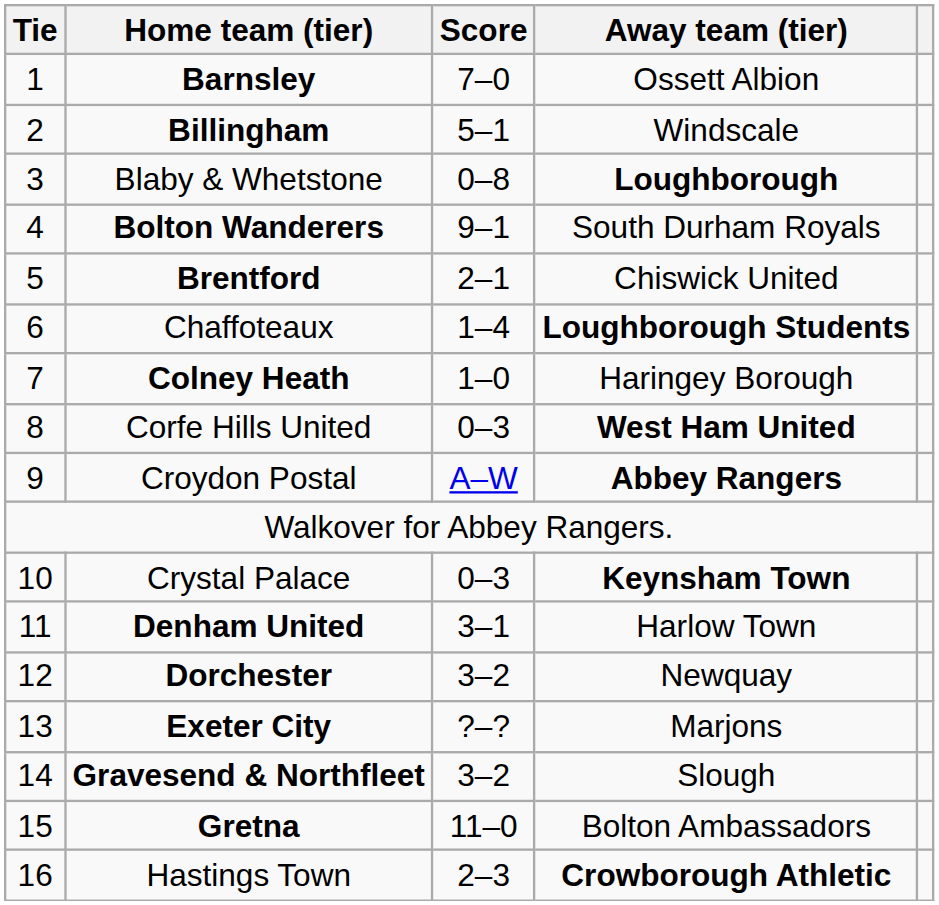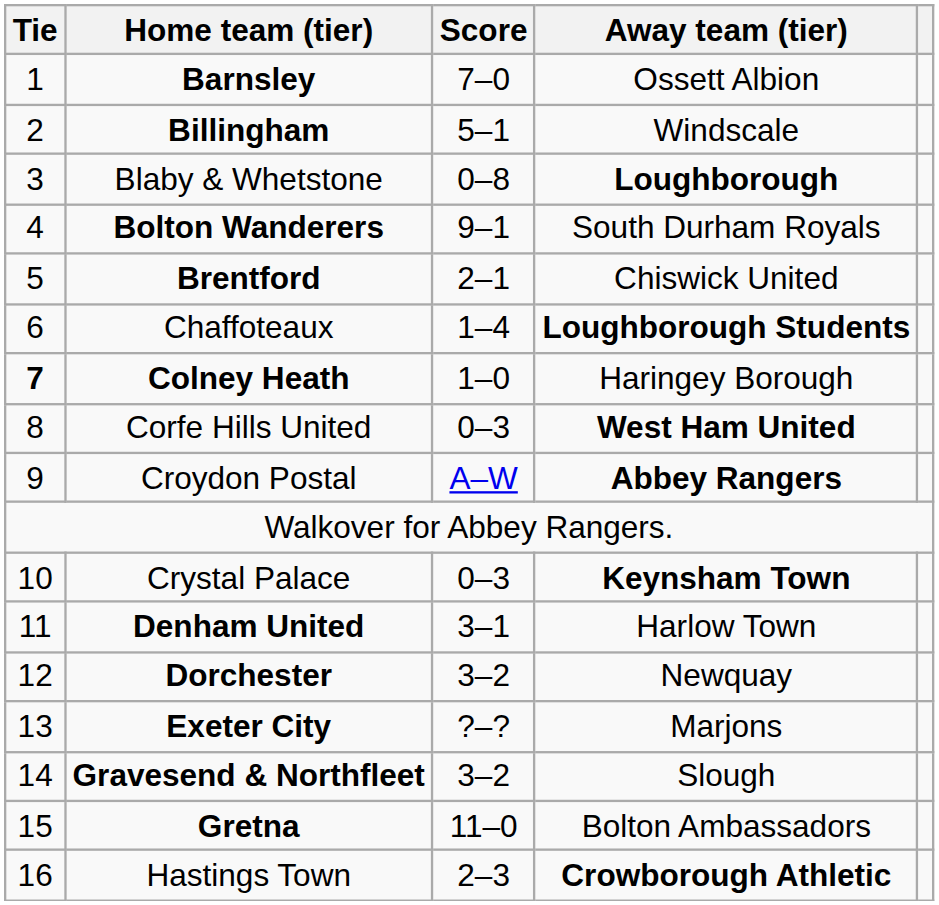 <table class="wikitable" style="text-align:center; font-size:85%">
 <tr>
 <th>Tie</th>
 <th>Home team (tier)</th>
 <th>Score</th>
 <th>Away team (tier)</th>
 <th></th>
 </tr>
 <tr>
 <td align="center">1</td>
 <td><strong>Barnsley</strong></td>
 <td align="center">7–0</td>
 <td>Ossett Albion</td>
 <td></td>
 </tr>
 <tr>
 <td align="center">2</td>
 <td><strong>Billingham</strong></td>
 <td align="center">5–1</td>
 <td>Windscale</td>
 <td></td>
 </tr>
 <tr>
 <td align="center">3</td>
 <td>Blaby & Whetstone</td>
 <td align="center">0–8</td>
 <td><strong>Loughborough</strong></td>
 <td></td>
 </tr>
 <tr>
 <td align="center">4</td>
 <td><strong>Bolton Wanderers</strong></td>
 <td align="center">9–1</td>
 <td>South Durham Royals</td>
 <td></td>
 </tr>
 <tr>
 <td align="center">5</td>
 <td><strong>Brentford</strong></td>
 <td align="center">2–1</td>
 <td>Chiswick United</td>
 <td></td>
 </tr>
 <tr>
 <td align="center">6</td>
 <td>Chaffoteaux</td>
 <td align="center">1–4</td>
 <td><strong>Loughborough Students</strong></td>
 <td></td>
 </tr>
 <tr>
-<td align="center">7</td>
+<td align="center"><strong>7</strong></td>
 <td><strong>Colney Heath</strong></td>
 <td align="center">1–0</td>
 <td>Haringey Borough</td>
 <td></td>
 </tr>
 <tr>
 <td align="center">8</td>
 <td>Corfe Hills United</td>
 <td align="center">0–3</td>
 <td><strong>West Ham United</strong></td>
 <td></td>
 </tr>
 <tr>
 <td align="center">9</td>
 <td>Croydon Postal</td>
 <td align="center"><a href='#'>A–W</a></td>
 <td><strong>Abbey Rangers</strong></td>
 <td></td>
 </tr>
 <tr>
 <td colspan="5" align="center">Walkover for Abbey Rangers.</td>
 </tr>
 <tr>
 <td align="center">10</td>
 <td>Crystal Palace</td>
 <td align="center">0–3</td>
 <td><strong>Keynsham Town</strong></td>
 <td></td>
 </tr>
 <tr>
 <td align="center">11</td>
 <td><strong>Denham United</strong></td>
 <td align="center">3–1</td>
 <td>Harlow Town</td>
 <td></td>
 </tr>
 <tr>
 <td align="center">12</td>
 <td><strong>Dorchester</strong></td>
 <td align="center">3–2</td>
 <td>Newquay</td>
 <td></td>
 </tr>
 <tr>
 <td align="center">13</td>
 <td><strong>Exeter City</strong></td>
 <td align="center">?–?</td>
 <td>Marjons</td>
 <td></td>
 </tr>
 <tr>
 <td align="center">14</td>
 <td><strong>Gravesend & Northfleet</strong></td>
 <td align="center">3–2</td>
 <td>Slough</td>
 <td></td>
 </tr>
 <tr>
 <td align="center">15</td>
 <td><strong>Gretna</strong></td>
 <td align="center">11–0</td>
 <td>Bolton Ambassadors</td>
 <td></td>
 </tr>
 <tr>
 <td align="center">16</td>
 <td>Hastings Town</td>
 <td align="center">2–3</td>
 <td><strong>Crowborough Athletic</strong></td>
 <td></td>
 </tr>
 </table>
